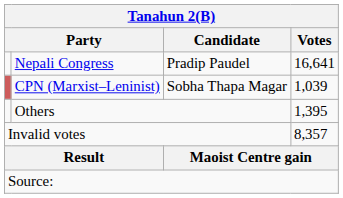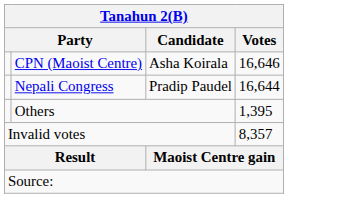 <table class="wikitable">
 <tr>
 <th colspan="4"><a href='#'>Tanahun 2(B)</a></th>
 </tr>
 <tr>
 <th colspan="2">Party</th>
 <th>Candidate</th>
 <th>Votes</th>
 </tr>
 <tr>
 <td style="background-color:"></td>
+<td><a href='#'>CPN (Maoist Centre)</a></td>
+<td>Asha Koirala</td>
+<td>16,646</td>
+</tr>
+<tr>
+<td style="background-color:"></td>
 <td><a href='#'>Nepali Congress</a></td>
 <td>Pradip Paudel</td>
-<td>16,641</td>
-</tr>
-<tr>
-<td style="background-color:indianred"></td>
-<td><a href='#'>CPN (Marxist–Leninist)</a></td>
-<td>Sobha Thapa Magar</td>
-<td>1,039</td>
+<td>16,644</td>
 </tr>
 <tr>
 <td></td>
 <td colspan="2">Others</td>
 <td>1,395</td>
 </tr>
 <tr>
 <td colspan="3">Invalid votes</td>
 <td>8,357</td>
 </tr>
 <tr>
 <th colspan="2">Result</th>
 <th colspan="2">Maoist Centre gain</th>
 </tr>
 <tr>
 <td colspan="4">Source: </td>
 </tr>
 </table>
